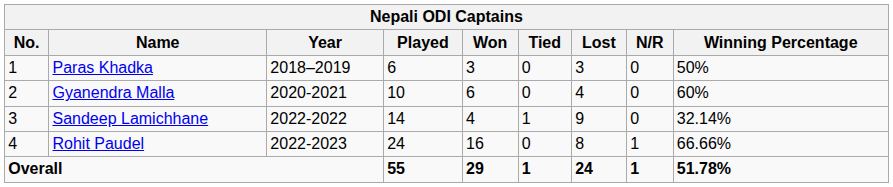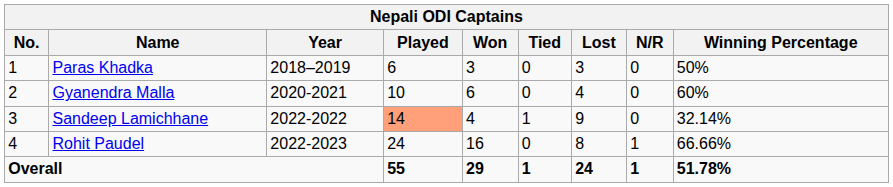 <table class="wikitable" width="70%">
 <tr>
 <th bgcolor="#efefef" colspan=9>Nepali ODI Captains</th>
 </tr>
 <tr bgcolor="#efefef">
 <th>No.</th>
 <th>Name</th>
 <th>Year</th>
 <th>Played</th>
 <th>Won</th>
 <th>Tied</th>
 <th>Lost</th>
 <th>N/R</th>
 <th>Winning Percentage</th>
 </tr>
 <tr>
 <td>1</td>
 <td><a href='#'>Paras Khadka</a></td>
 <td>2018–2019</td>
 <td>6</td>
 <td>3</td>
 <td>0</td>
 <td>3</td>
 <td>0</td>
 <td>50%</td>
 </tr>
 <tr>
 <td>2</td>
 <td><a href='#'>Gyanendra Malla</a></td>
 <td>2020-2021</td>
 <td>10</td>
 <td>6</td>
 <td>0</td>
 <td>4</td>
 <td>0</td>
 <td>60%</td>
 </tr>
 <tr>
 <td>3</td>
 <td><a href='#'>Sandeep Lamichhane</a></td>
 <td>2022-2022</td>
-<td>14</td>
+<td style="background: lightsalmon;">14</td>
 <td>4</td>
 <td>1</td>
 <td>9</td>
 <td>0</td>
 <td>32.14%</td>
 </tr>
 <tr>
 <td>4</td>
 <td><a href='#'>Rohit Paudel</a></td>
 <td>2022-2023</td>
 <td>24</td>
 <td>16</td>
 <td>0</td>
 <td>8</td>
 <td>1</td>
 <td>66.66%</td>
 </tr>
 <tr>
 <td colspan="3"><strong>Overall</strong></td>
 <td><strong>55</strong></td>
 <td><strong>29</strong></td>
 <td><strong>1</strong></td>
 <td><strong>24</strong></td>
 <td><strong>1</strong></td>
 <td><strong>51.78%</strong></td>
 </tr>
 </table>
